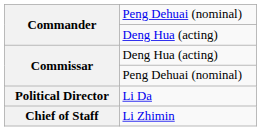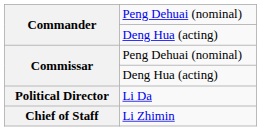 <table class="wikitable" style="width: 25%">
 <tr>
 <th rowspan="2" width=10%; align= center>Commander</th>
 <td width=20%><a href='#'>Peng Dehuai</a> (nominal)</td>
 </tr>
 <tr>
 <td><a href='#'>Deng Hua</a> (acting)</td>
 </tr>
 <tr>
 <th rowspan="2" width=10%; align= center>Commissar</th>
-<td>Deng Hua (acting)</td>
+<td width=20%>Peng Dehuai (nominal)</td>
 </tr>
 <tr>
-<td width=20%>Peng Dehuai (nominal)</td>
+<td>Deng Hua (acting)</td>
 </tr>
 <tr>
 <th width=10%; align= center>Political Director</th>
 <td><a href='#'>Li Da</a></td>
 </tr>
 <tr>
 <th width=10%; align= center>Chief of Staff</th>
 <td><a href='#'>Li Zhimin</a></td>
 </tr>
 </table>
